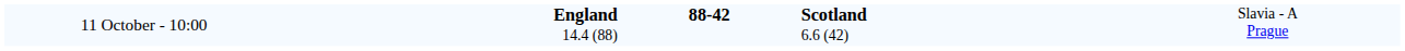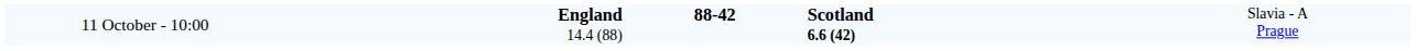 <table style="width: 100%; background:#F5FAFF;" cellspacing="0">
 <tr>
 <td style=font-size:95% align=center rowspan=3 width=20%>11 October - 10:00</td>
 </tr>
 <tr>
 <td width=24% align=right><strong>England</strong></td>
 <td align=center width=13%><strong>88-42</strong></td>
 <td width=24%><strong>Scotland</strong></td>
 <td style=font-size:85% rowspan=3 valign=top align=center>Slavia - A <br><a href='#'>Prague</a></td>
 </tr>
 <tr style=font-size:85%>
 <td align=right>14.4 (88)</td>
 <td align=center></td>
-<td>6.6 (42)</td>
+<td><strong>6.6 (42)</strong></td>
 </tr>
 </table>
